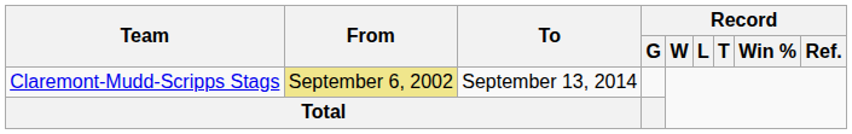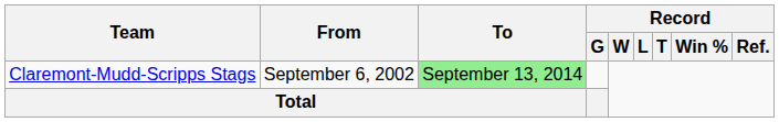 <table class="wikitable" style="text-align: center">
 <tr>
 <th rowspan=2>Team</th>
 <th rowspan=2>From</th>
 <th rowspan=2>To</th>
 <th colspan=6>Record</th>
 </tr>
 <tr>
 <th>G</th>
 <th>W</th>
 <th>L</th>
 <th>T</th>
 <th>Win %</th>
 <th>Ref.</th>
 </tr>
 <tr>
 <td><a href='#'>Claremont-Mudd-Scripps Stags</a></td>
-<td style="background: khaki;">September 6, 2002</td>
-<td>September 13, 2014<br></td>
+<td>September 6, 2002</td>
+<td style="background: lightgreen;">September 13, 2014<br></td>
 <td></td>
 </tr>
 <tr>
 <th colspan=3>Total<br></th>
 <th></th>
 </tr>
 </table>
